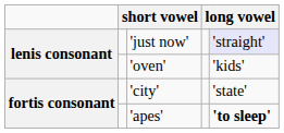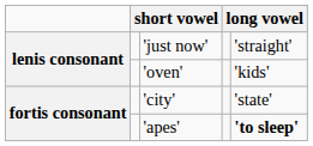 <table class="wikitable">
 <tr>
 <td> </td>
 <th colspan="2">short vowel</th>
 <th colspan="2">long vowel</th>
 </tr>
 <tr>
 <th rowspan="2">lenis consonant</th>
 <td></td>
 <td>'just now'</td>
 <td></td>
-<td style="background: lavender;">'straight'</td>
+<td>'straight'</td>
 </tr>
 <tr>
 <td></td>
 <td>'oven'</td>
 <td></td>
 <td>'kids'</td>
 </tr>
 <tr>
 <th rowspan="2">fortis consonant</th>
 <td></td>
 <td>'city'</td>
 <td></td>
 <td>'state'</td>
 </tr>
 <tr>
 <td></td>
 <td>'apes'</td>
 <td></td>
 <td><strong>'to sleep'</strong></td>
 </tr>
 </table>
